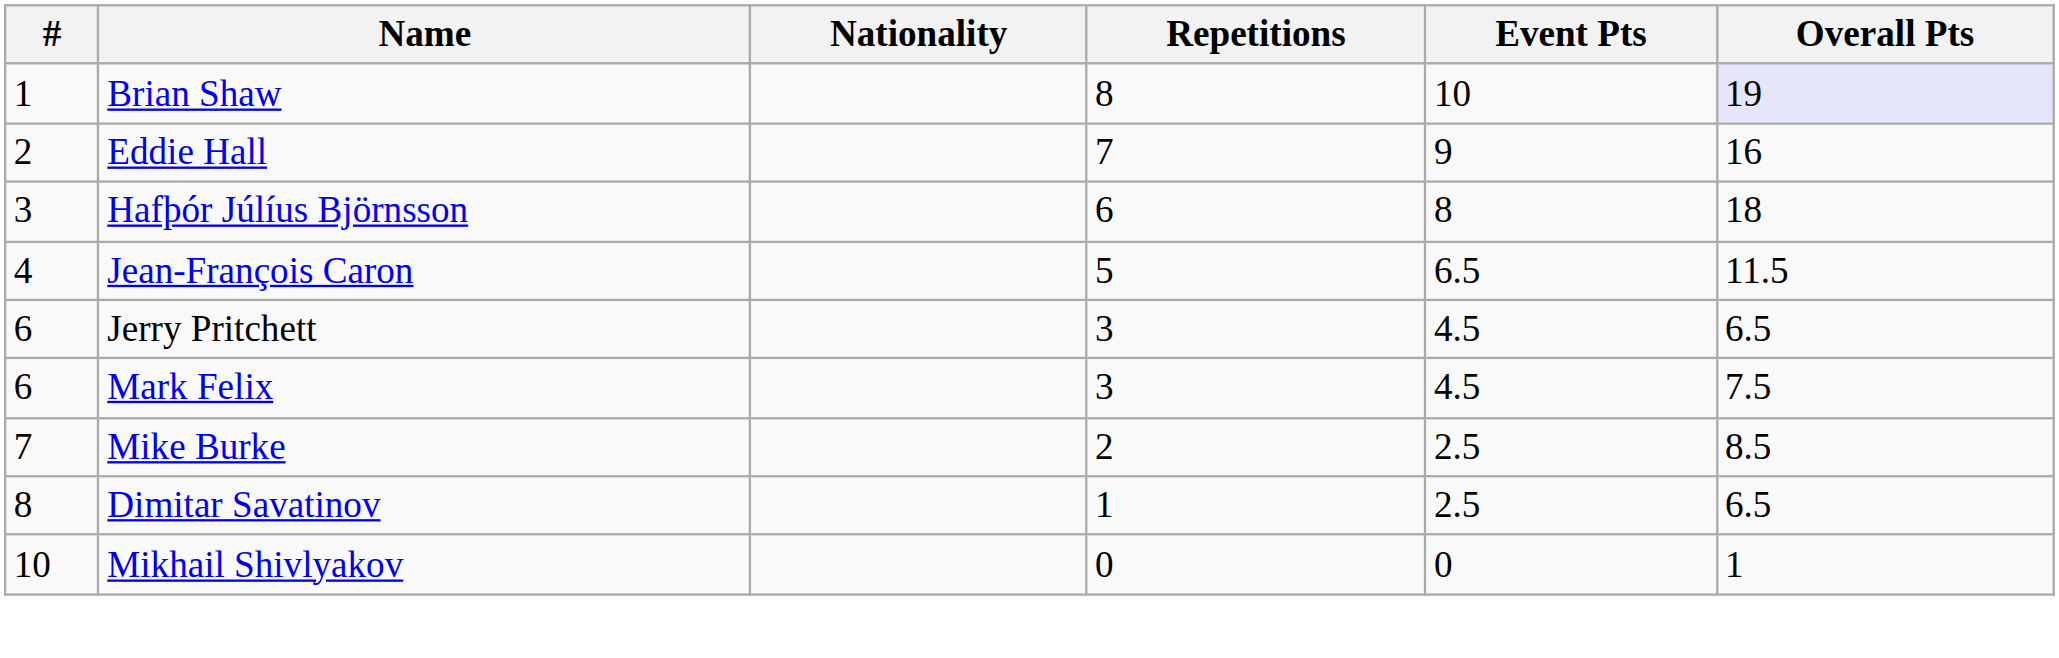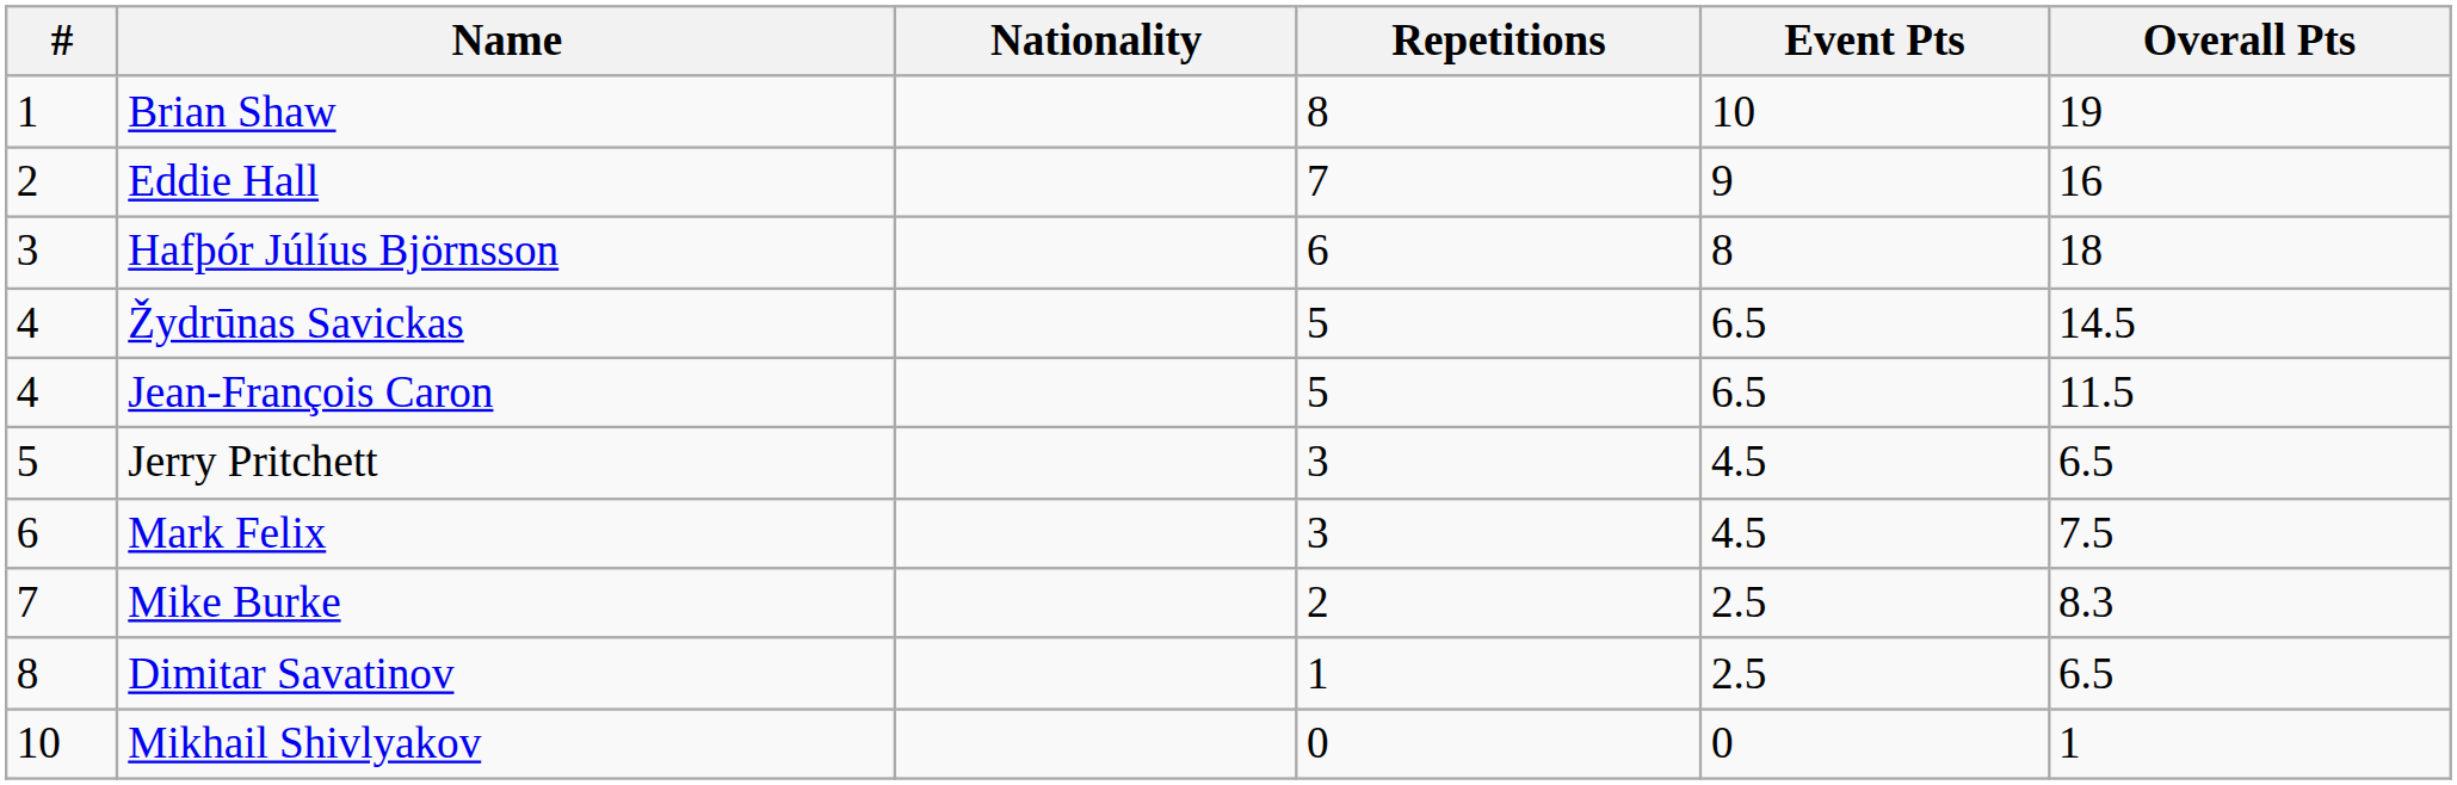 <table class="wikitable sortable" style="display: inline-table; width: 100%;">
 <tr>
 <th>#</th>
 <th>Name</th>
 <th>Nationality</th>
 <th>Repetitions</th>
 <th>Event Pts</th>
 <th>Overall Pts</th>
 </tr>
 <tr>
 <td>1</td>
 <td><a href='#'>Brian Shaw</a></td>
 <td></td>
 <td>8</td>
 <td>10</td>
-<td style="background: lavender;">19</td>
+<td>19</td>
 </tr>
 <tr>
 <td>2</td>
 <td><a href='#'>Eddie Hall</a></td>
 <td></td>
 <td>7</td>
 <td>9</td>
 <td>16</td>
 </tr>
 <tr>
 <td>3</td>
 <td><a href='#'>Hafþór Júlíus Björnsson</a></td>
 <td></td>
 <td>6</td>
 <td>8</td>
 <td>18</td>
 </tr>
 <tr>
 <td>4</td>
+<td><a href='#'>Žydrūnas Savickas</a></td>
+<td></td>
+<td>5</td>
+<td>6.5</td>
+<td>14.5</td>
+</tr>
+<tr>
+<td>4</td>
 <td><a href='#'>Jean-François Caron</a></td>
 <td></td>
 <td>5</td>
 <td>6.5</td>
 <td>11.5</td>
 </tr>
 <tr>
-<td>6</td>
+<td>5</td>
 <td>Jerry Pritchett</td>
 <td></td>
 <td>3</td>
 <td>4.5</td>
 <td>6.5</td>
 </tr>
 <tr>
 <td>6</td>
 <td><a href='#'>Mark Felix</a></td>
 <td></td>
 <td>3</td>
 <td>4.5</td>
 <td>7.5</td>
 </tr>
 <tr>
 <td>7</td>
 <td><a href='#'>Mike Burke</a></td>
 <td></td>
 <td>2</td>
 <td>2.5</td>
-<td>8.5</td>
+<td>8.3</td>
 </tr>
 <tr>
 <td>8</td>
 <td><a href='#'>Dimitar Savatinov</a></td>
 <td></td>
 <td>1</td>
 <td>2.5</td>
 <td>6.5</td>
 </tr>
 <tr>
 <td>10</td>
 <td><a href='#'>Mikhail Shivlyakov</a></td>
 <td></td>
 <td>0</td>
 <td>0</td>
 <td>1</td>
 </tr>
 </table>
